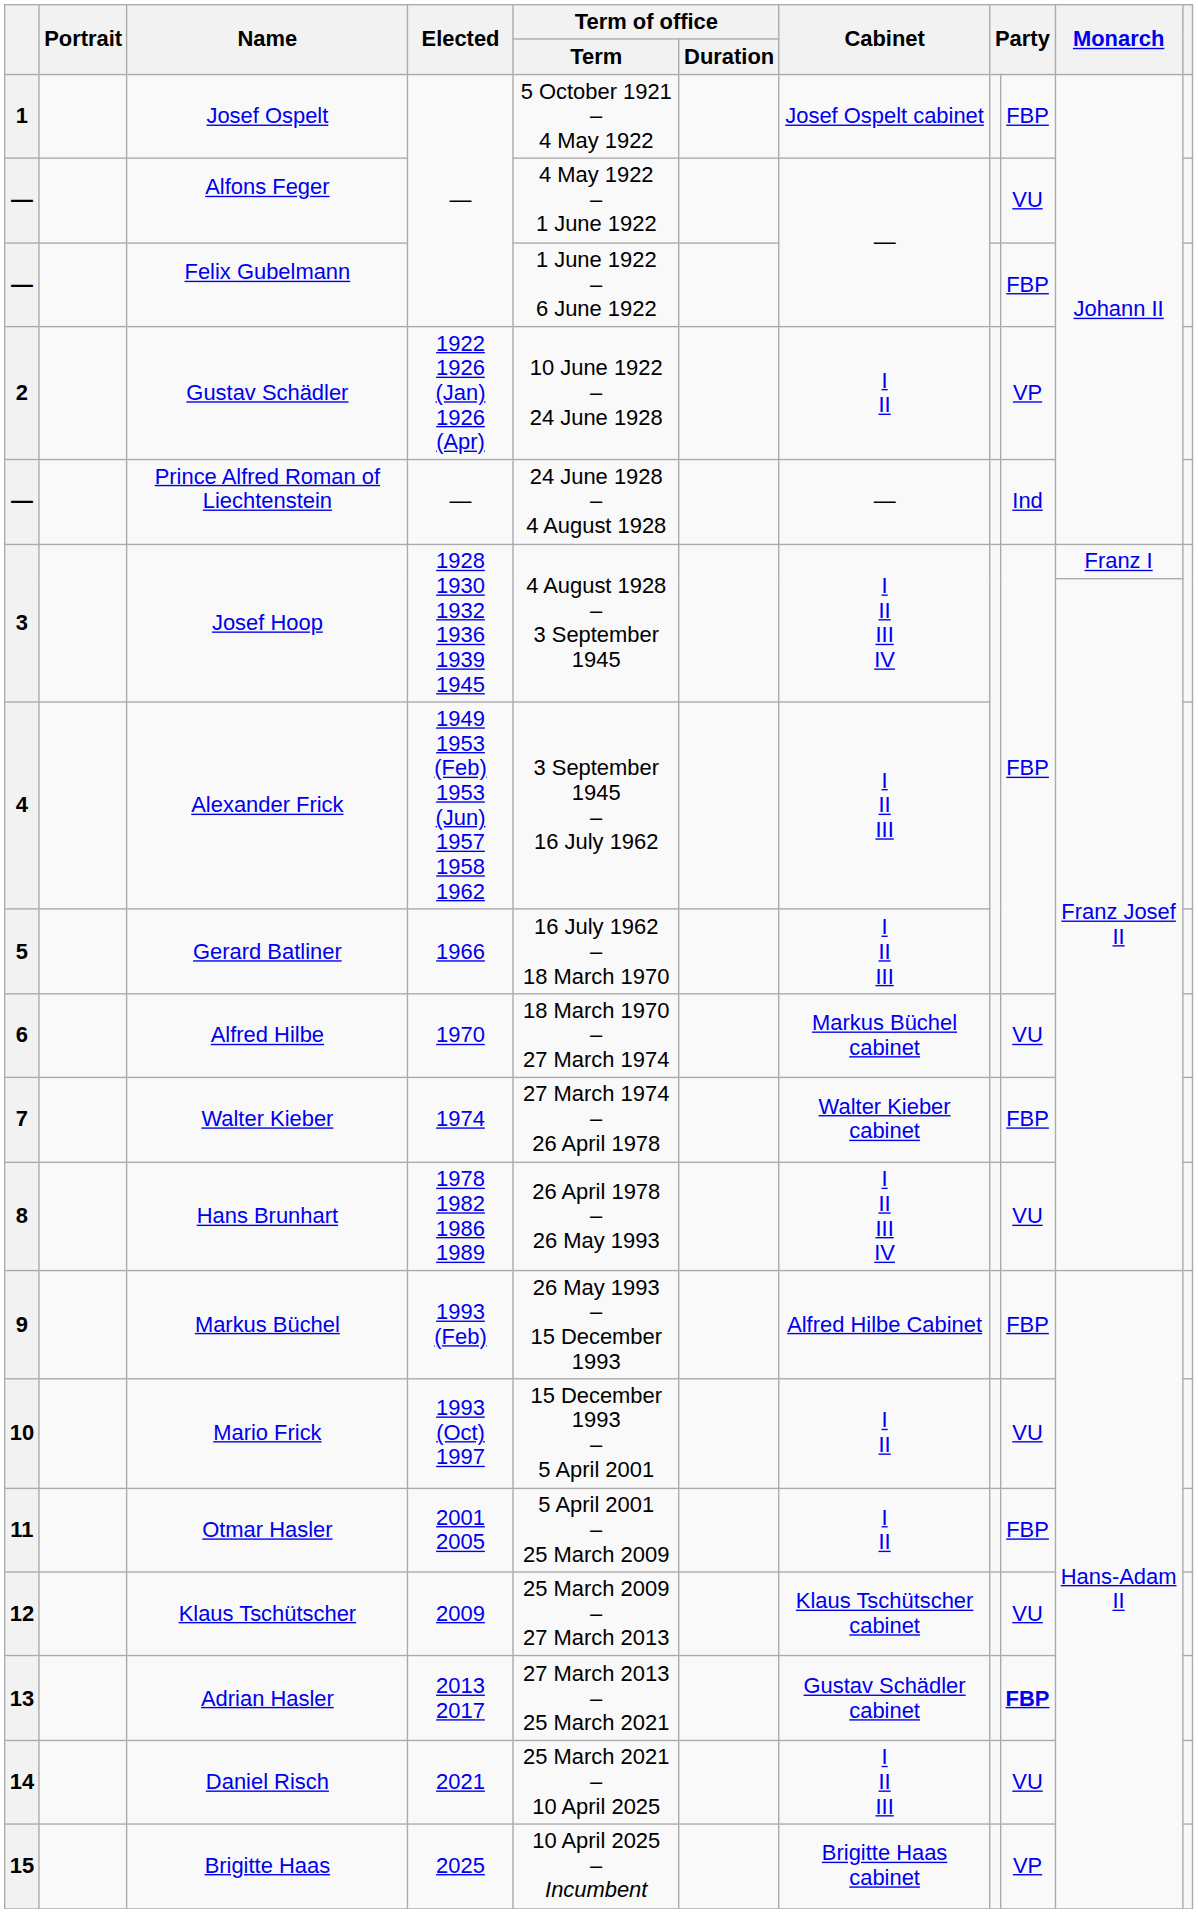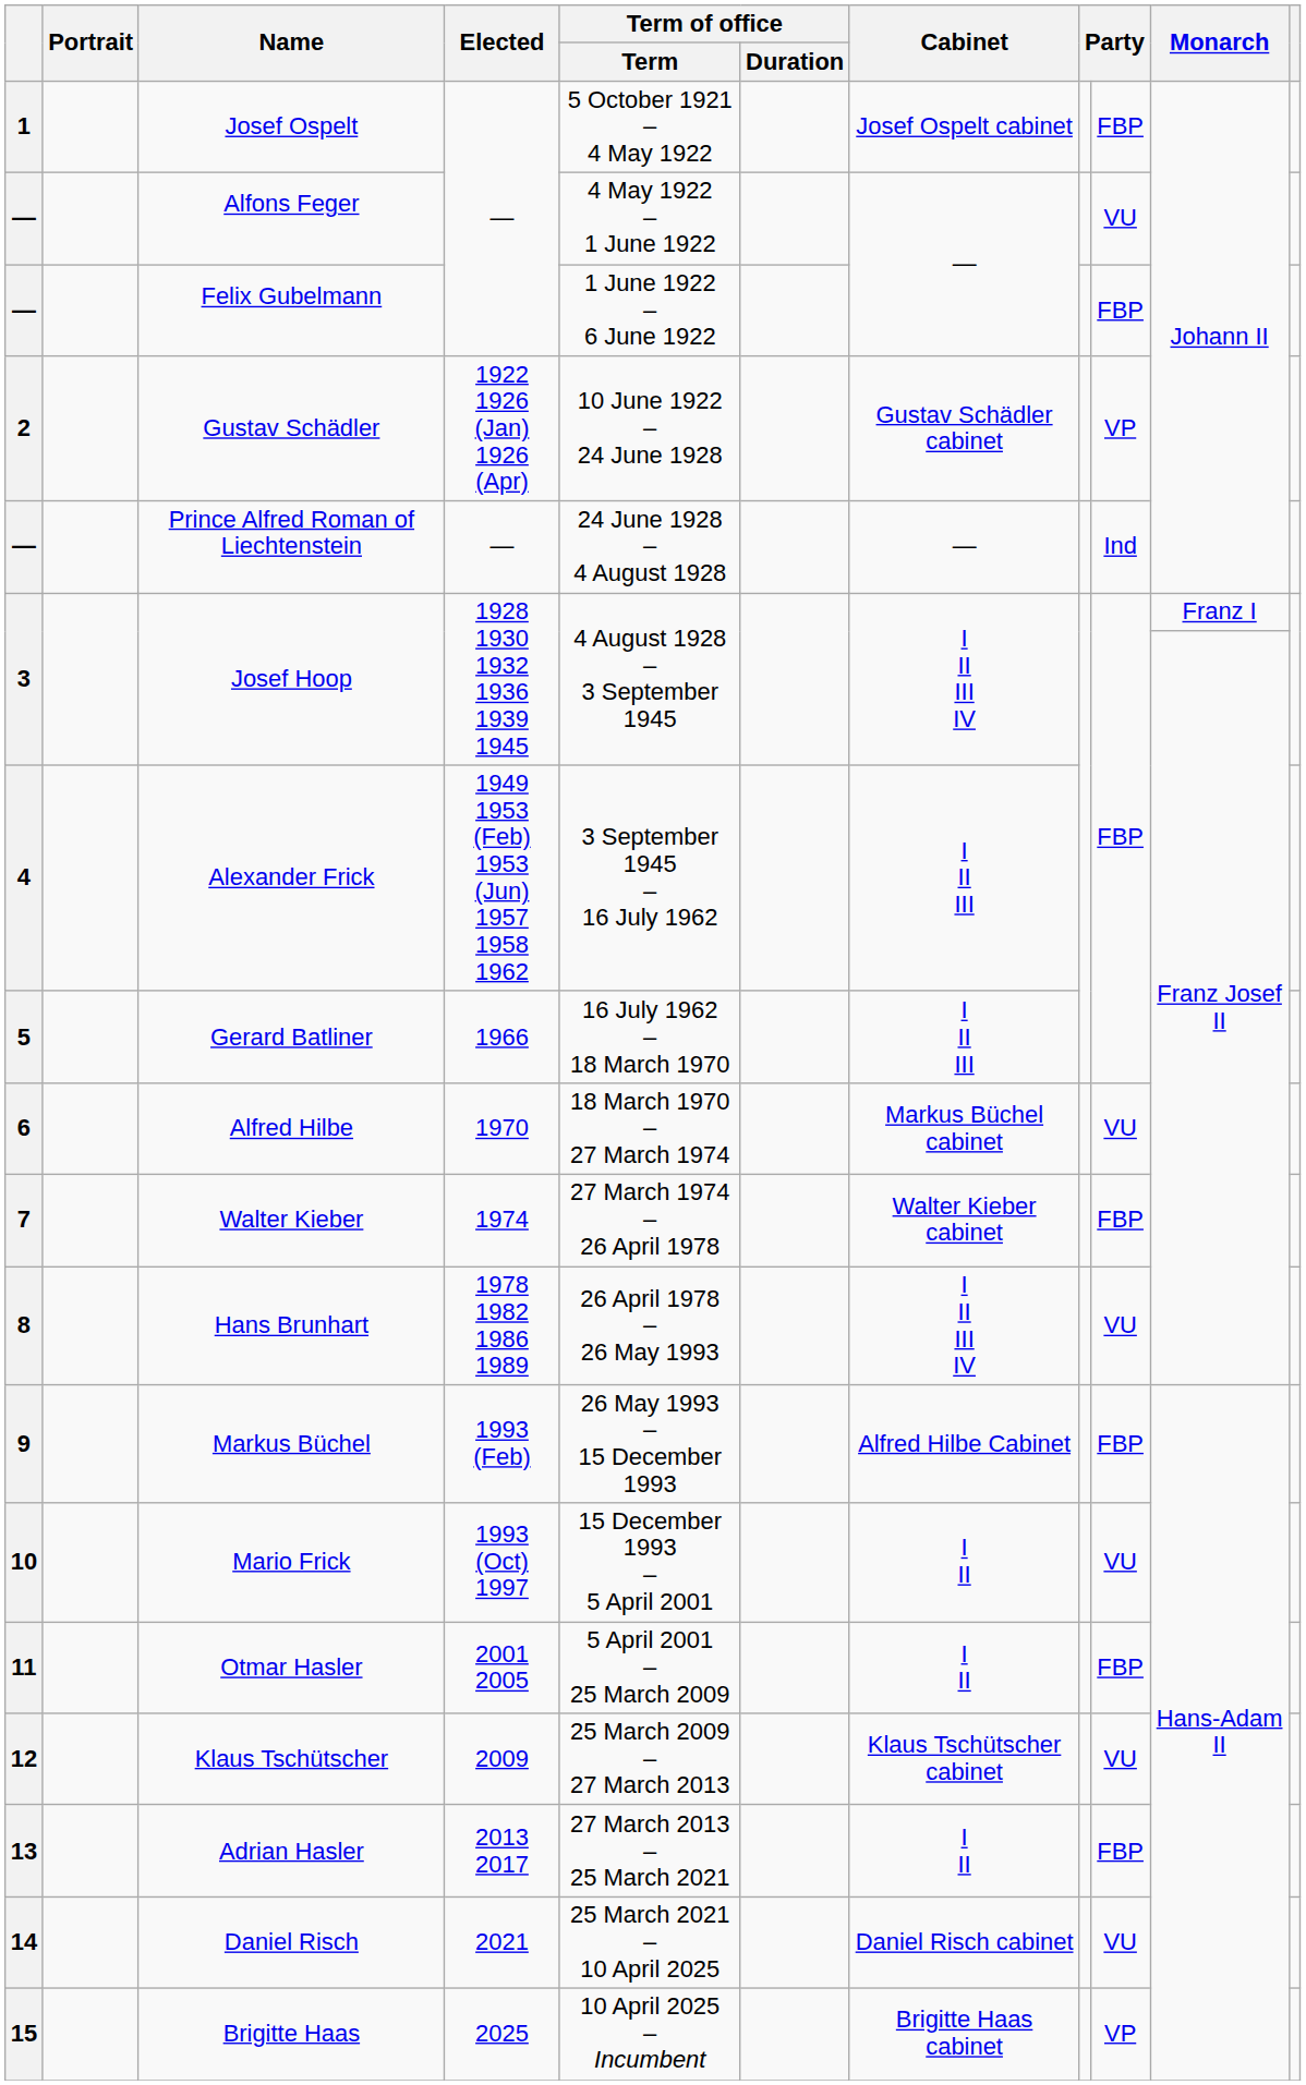 <table class="wikitable" style="text-align:center">
 <tr align=center bgcolor=#ebebeb>
 <th scope=col rowspan=2></th>
 <th scope=col rowspan=2>Portrait</th>
 <th scope=col rowspan=2>Name<br></th>
 <th scope=col rowspan=2>Elected</th>
 <th colspan="2" scope="rowgroup">Term of office</th>
 <th scope=col rowspan=2>Cabinet</th>
 <th rowspan="2" colspan="2" scope="rowgroup">Party</th>
 <th scope=col rowspan=2><a href='#'>Monarch</a><br></th>
 <th rowspan="2"></th>
 </tr>
 <tr align=center bgcolor=#ebebeb>
 <th scope=col>Term</th>
 <th scope=col>Duration</th>
 </tr>
 <tr>
 <th scope=row style="background:">1</th>
 <td></td>
 <td><a href='#'>Josef Ospelt</a><br></td>
 <td rowspan="3">—</td>
 <td>5 October 1921<br>–<br>4 May 1922</td>
 <td></td>
 <td><a href='#'>Josef Ospelt cabinet</a></td>
 <td></td>
 <td><a href='#'>FBP</a></td>
 <td rowspan="6"><a href='#'>Johann II</a><br></td>
 <td></td>
 </tr>
 <tr>
 <th scope=row style="background:">—</th>
 <td></td>
 <td><a href='#'>Alfons Feger</a><br><br></td>
 <td>4 May 1922<br>–<br>1 June 1922</td>
 <td></td>
 <td rowspan="2">—</td>
 <td></td>
 <td><a href='#'>VU</a></td>
 <td></td>
 </tr>
 <tr>
 <th scope=row style="background:">—</th>
 <td></td>
 <td><a href='#'>Felix Gubelmann</a><br><br></td>
 <td>1 June 1922 <br>–<br>6 June 1922</td>
 <td></td>
 <td></td>
 <td><a href='#'>FBP</a></td>
 <td></td>
 </tr>
 <tr>
 <th scope=row style="background:">2</th>
 <td></td>
 <td><a href='#'>Gustav Schädler</a><br></td>
 <td><a href='#'>1922</a><br><a href='#'>1926 (Jan)</a><br><a href='#'>1926 (Apr)</a></td>
 <td>10 June 1922 <br>–<br>24 June 1928</td>
 <td></td>
-<td><a href='#'>I</a><br><a href='#'>II</a></td>
+<td><a href='#'>Gustav Schädler cabinet</a></td>
 <td></td>
 <td><a href='#'>VP</a></td>
 <td></td>
 </tr>
 <tr>
 <th scope=row style="background:">—</th>
 <td></td>
 <td><a href='#'>Prince Alfred Roman of Liechtenstein</a><br><br></td>
 <td>—</td>
 <td>24 June 1928<br>–<br>4 August 1928</td>
 <td></td>
 <td>—</td>
 <td></td>
 <td><a href='#'>Ind</a></td>
 <td></td>
 </tr>
 <tr>
 <th scope="row" rowspan="3" style="background:">3</th>
 <td rowspan="3"></td>
 <td rowspan="3"><a href='#'>Josef Hoop</a><br></td>
 <td rowspan="3"><a href='#'>1928</a><br><a href='#'>1930</a><br><a href='#'>1932</a><br><a href='#'>1936</a><br><a href='#'>1939</a><br><a href='#'>1945</a></td>
 <td rowspan="3">4 August 1928<br>–<br>3 September 1945</td>
 <td rowspan="3"></td>
 <td rowspan="3"><a href='#'>I</a><br><a href='#'>II</a><br><a href='#'>III</a><br><a href='#'>IV</a></td>
 <td rowspan="5"></td>
 <td rowspan="5"><a href='#'>FBP</a></td>
 <td rowspan="3"></td>
 </tr>
 <tr>
 <td><a href='#'>Franz I</a> <br></td>
 </tr>
 <tr>
 <td rowspan="6"><a href='#'>Franz Josef II</a><br></td>
 </tr>
 <tr>
 <th scope="row" style="background:">4</th>
 <td></td>
 <td><a href='#'>Alexander Frick</a><br></td>
 <td><a href='#'>1949</a><br><a href='#'>1953 (Feb)</a><br><a href='#'>1953 (Jun)</a><br><a href='#'>1957</a><br><a href='#'>1958</a><br><a href='#'>1962</a></td>
 <td>3 September 1945<br>–<br>16 July 1962</td>
 <td></td>
 <td><a href='#'>I</a><br><a href='#'>II</a><br><a href='#'>III</a></td>
 <td></td>
 </tr>
 <tr>
 <th scope=row style="background:">5</th>
 <td></td>
 <td><a href='#'>Gerard Batliner</a><br></td>
 <td><a href='#'>1966</a></td>
 <td>16 July 1962<br>–<br>18 March 1970</td>
 <td></td>
 <td><a href='#'>I</a><br><a href='#'>II</a><br><a href='#'>III</a></td>
 <td></td>
 </tr>
 <tr>
 <th scope=row style="background:">6</th>
 <td></td>
 <td><a href='#'>Alfred Hilbe</a><br></td>
 <td><a href='#'>1970</a></td>
 <td>18 March 1970<br>–<br>27 March 1974</td>
 <td></td>
 <td><a href='#'>Markus Büchel cabinet</a></td>
 <td></td>
 <td><a href='#'>VU</a></td>
 <td></td>
 </tr>
 <tr>
 <th scope=row style="background:">7</th>
 <td></td>
 <td><a href='#'>Walter Kieber</a><br></td>
 <td><a href='#'>1974</a></td>
 <td>27 March 1974<br>–<br>26 April 1978</td>
 <td></td>
 <td><a href='#'>Walter Kieber cabinet</a></td>
 <td></td>
 <td><a href='#'>FBP</a></td>
 <td></td>
 </tr>
 <tr>
 <th scope=row style="background:">8</th>
 <td></td>
 <td><a href='#'>Hans Brunhart</a><br></td>
 <td><a href='#'>1978</a><br><a href='#'>1982</a><br><a href='#'>1986</a><br><a href='#'>1989</a></td>
 <td>26 April 1978<br>–<br>26 May 1993</td>
 <td></td>
 <td><a href='#'>I</a><br><a href='#'>II</a><br><a href='#'>III</a><br><a href='#'>IV</a></td>
 <td></td>
 <td><a href='#'>VU</a></td>
 <td></td>
 </tr>
 <tr>
 <th scope=row style="background:">9</th>
 <td></td>
 <td><a href='#'>Markus Büchel</a><br></td>
 <td><a href='#'>1993 (Feb)</a></td>
 <td>26 May 1993<br>–<br>15 December 1993</td>
 <td></td>
 <td><a href='#'>Alfred Hilbe Cabinet</a></td>
 <td></td>
 <td><a href='#'>FBP</a></td>
 <td rowspan=7><a href='#'>Hans-Adam II</a><br></td>
 <td></td>
 </tr>
 <tr>
 <th scope=row style="background:">10</th>
 <td></td>
 <td><a href='#'>Mario Frick</a><br></td>
 <td><a href='#'>1993 (Oct)</a><br><a href='#'>1997</a></td>
 <td>15 December 1993<br>–<br>5 April 2001</td>
 <td></td>
 <td><a href='#'>I</a><br><a href='#'>II</a></td>
 <td></td>
 <td><a href='#'>VU</a></td>
 <td></td>
 </tr>
 <tr>
 <th scope=row style="background:">11</th>
 <td></td>
 <td><a href='#'>Otmar Hasler</a><br></td>
 <td><a href='#'>2001</a><br><a href='#'>2005</a></td>
 <td>5 April 2001<br>–<br>25 March 2009</td>
 <td></td>
 <td><a href='#'>I</a><br><a href='#'>II</a></td>
 <td></td>
 <td><a href='#'>FBP</a></td>
 <td></td>
 </tr>
 <tr>
 <th scope=row style="background:">12</th>
 <td></td>
 <td><a href='#'>Klaus Tschütscher</a><br></td>
 <td><a href='#'>2009</a></td>
 <td>25 March 2009<br>–<br>27 March 2013</td>
 <td></td>
 <td><a href='#'>Klaus Tschütscher cabinet</a></td>
 <td></td>
 <td><a href='#'>VU</a></td>
 <td></td>
 </tr>
 <tr>
 <th scope=row style="background:">13</th>
 <td></td>
 <td><a href='#'>Adrian Hasler</a><br></td>
 <td><a href='#'>2013</a><br><a href='#'>2017</a></td>
 <td>27 March 2013<br>–<br>25 March 2021</td>
 <td></td>
-<td><a href='#'>Gustav Schädler cabinet</a></td>
+<td><a href='#'>I</a><br><a href='#'>II</a></td>
 <td></td>
-<td><strong><a href='#'>FBP</a></strong></td>
+<td><a href='#'>FBP</a></td>
 <td></td>
 </tr>
 <tr>
 <th scope=row style="background:">14</th>
 <td></td>
 <td><a href='#'>Daniel Risch</a><br></td>
 <td><a href='#'>2021</a></td>
 <td>25 March 2021<br>–<br>10 April 2025</td>
 <td></td>
-<td><a href='#'>I</a><br><a href='#'>II</a><br><a href='#'>III</a></td>
+<td><a href='#'>Daniel Risch cabinet</a></td>
 <td></td>
 <td><a href='#'>VU</a></td>
 <td></td>
 </tr>
 <tr>
 <th scope=row style="background:">15</th>
 <td></td>
 <td><a href='#'>Brigitte Haas</a><br></td>
 <td><a href='#'>2025</a></td>
 <td>10 April 2025<br>–<br><em>Incumbent</em></td>
 <td></td>
 <td><a href='#'>Brigitte Haas cabinet</a></td>
 <td></td>
 <td><a href='#'>VP</a></td>
 <td></td>
 </tr>
 </table>
